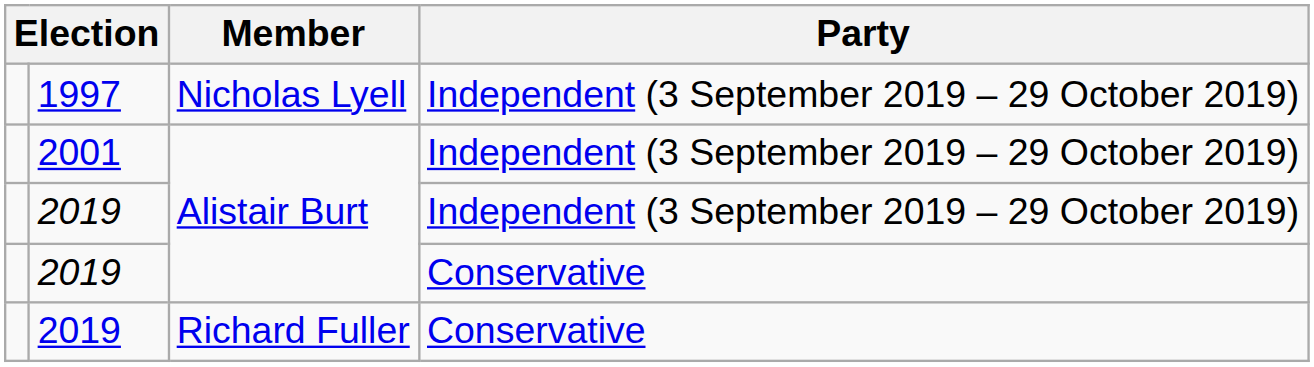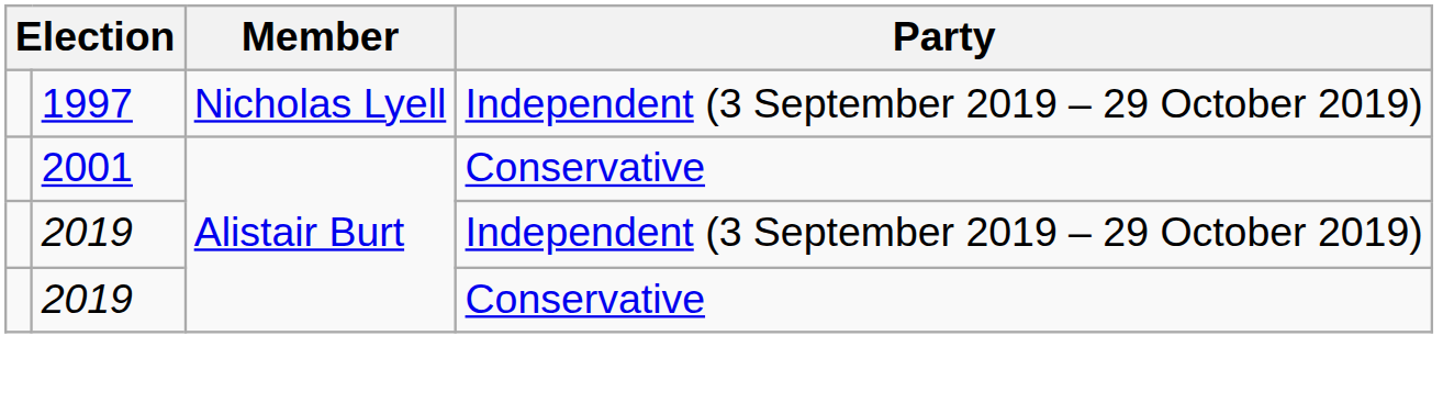 <table class="wikitable">
 <tr>
 <th colspan="2">Election</th>
 <th>Member</th>
 <th>Party</th>
 </tr>
 <tr>
 <td style="color:inherit;background-color: "></td>
 <td><a href='#'>1997</a></td>
 <td><a href='#'>Nicholas Lyell</a></td>
 <td><a href='#'>Independent</a> (3 September 2019 – 29 October 2019)</td>
 </tr>
 <tr>
 <td style="color:inherit;background-color: "></td>
 <td><a href='#'>2001</a></td>
 <td rowspan="3"><a href='#'>Alistair Burt</a></td>
-<td><a href='#'>Independent</a> (3 September 2019 – 29 October 2019)</td>
+<td><a href='#'>Conservative</a></td>
 </tr>
 <tr>
 <td style="color:inherit;background-color: "></td>
 <td><em>2019</em></td>
 <td><a href='#'>Independent</a> (3 September 2019 – 29 October 2019)</td>
 </tr>
 <tr>
 <td style="color:inherit;background-color: "></td>
 <td><em>2019</em></td>
 <td><a href='#'>Conservative</a></td>
 </tr>
-<tr>
-<td style="color:inherit;background-color: "></td>
-<td><a href='#'>2019</a></td>
-<td><a href='#'>Richard Fuller</a></td>
-<td><a href='#'>Conservative</a></td>
-</tr>
 </table>
